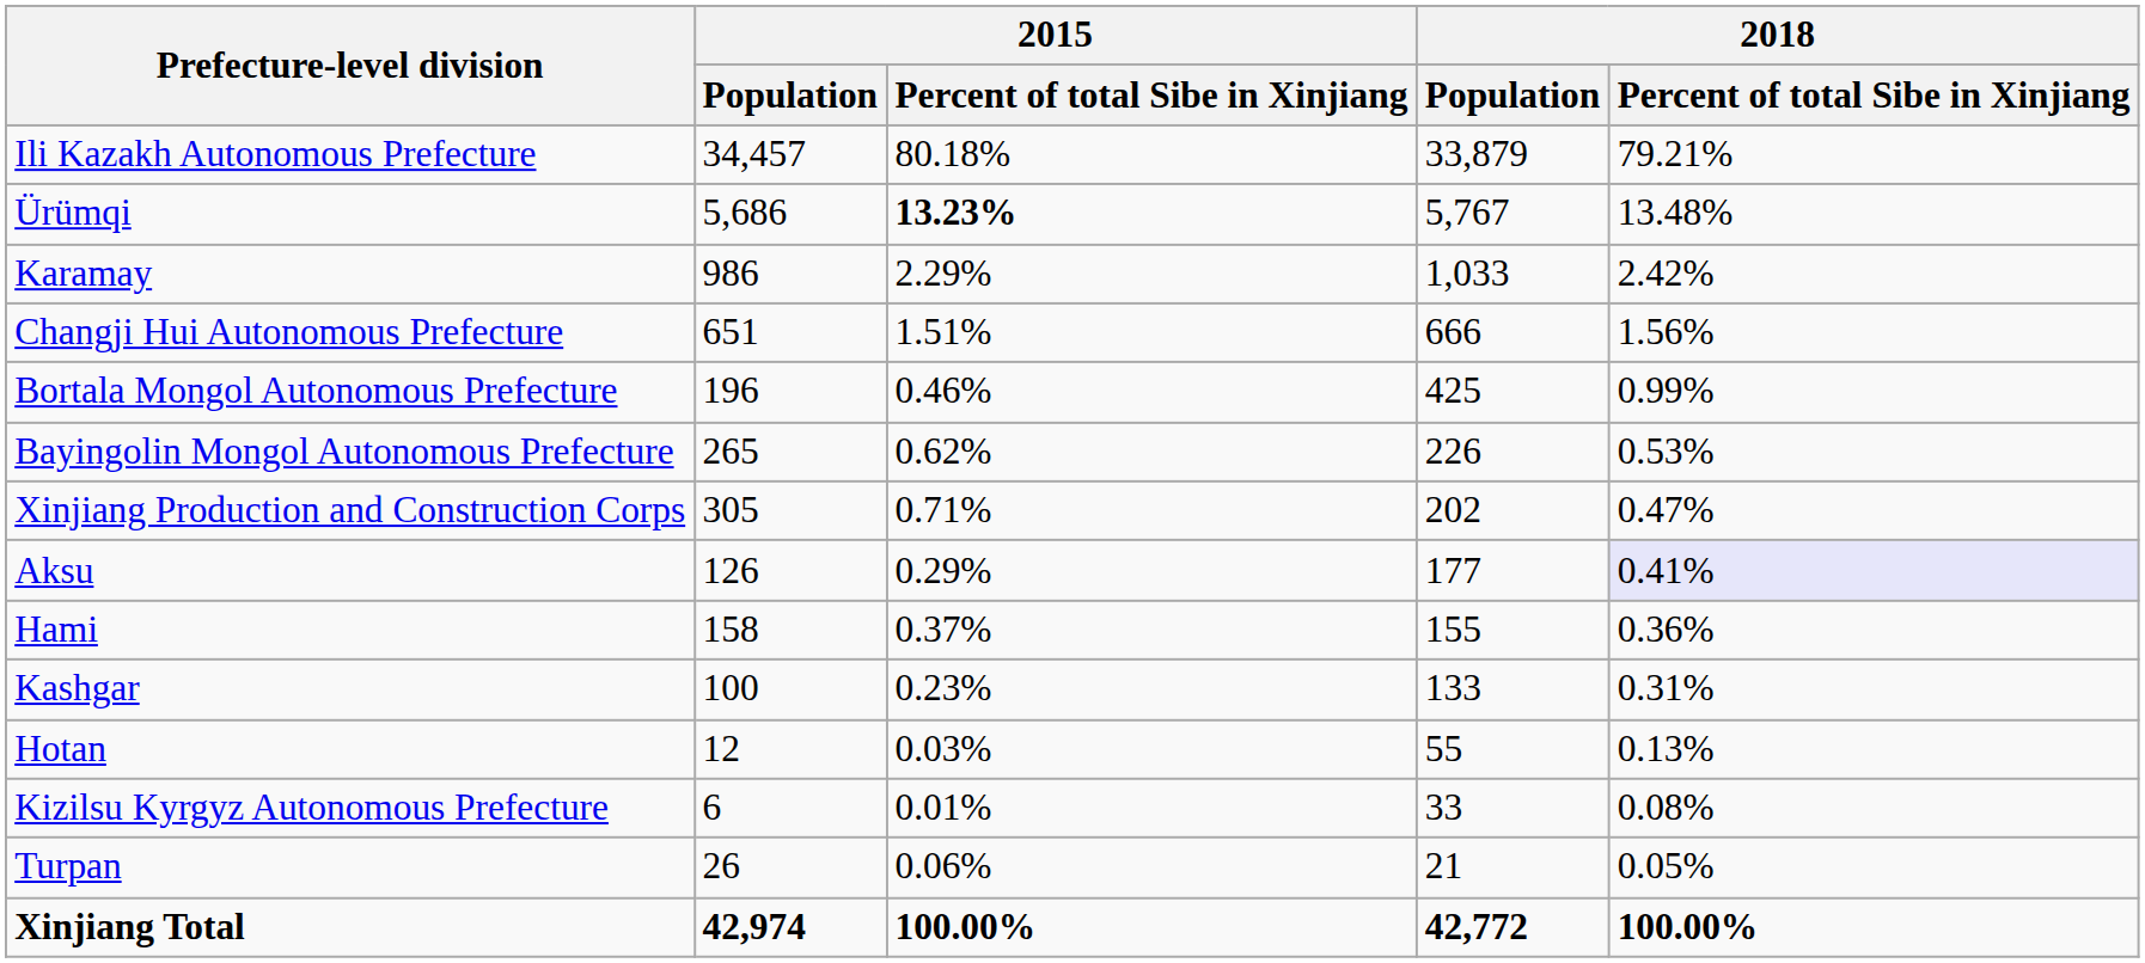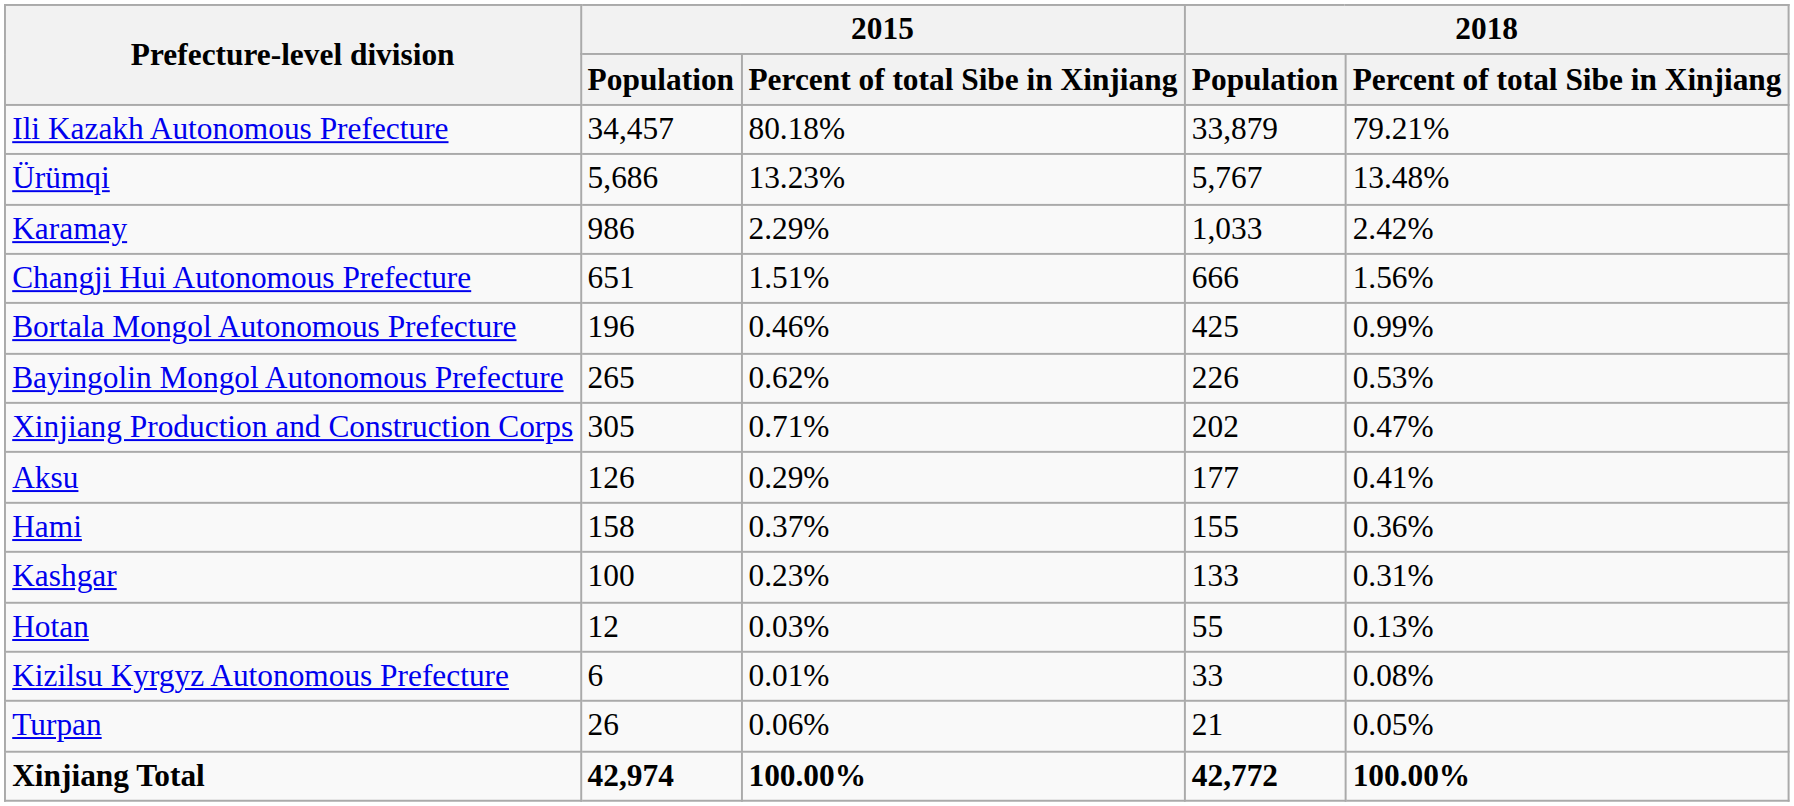 <table class="wikitable">
 <tr>
 <th rowspan="2">Prefecture-level division</th>
 <th colspan="2">2015</th>
 <th colspan="2">2018</th>
 </tr>
 <tr>
 <th>Population</th>
 <th>Percent of total Sibe in Xinjiang</th>
 <th>Population</th>
 <th>Percent of total Sibe in Xinjiang</th>
 </tr>
 <tr>
 <td><a href='#'>Ili Kazakh Autonomous Prefecture</a></td>
 <td>34,457</td>
 <td>80.18%</td>
 <td>33,879</td>
 <td>79.21%</td>
 </tr>
 <tr>
 <td><a href='#'>Ürümqi</a></td>
 <td>5,686</td>
-<td><strong>13.23%</strong></td>
+<td>13.23%</td>
 <td>5,767</td>
 <td>13.48%</td>
 </tr>
 <tr>
 <td><a href='#'>Karamay</a></td>
 <td>986</td>
 <td>2.29%</td>
 <td>1,033</td>
 <td>2.42%</td>
 </tr>
 <tr>
 <td><a href='#'>Changji Hui Autonomous Prefecture</a></td>
 <td>651</td>
 <td>1.51%</td>
 <td>666</td>
 <td>1.56%</td>
 </tr>
 <tr>
 <td><a href='#'>Bortala Mongol Autonomous Prefecture</a></td>
 <td>196</td>
 <td>0.46%</td>
 <td>425</td>
 <td>0.99%</td>
 </tr>
 <tr>
 <td><a href='#'>Bayingolin Mongol Autonomous Prefecture</a></td>
 <td>265</td>
 <td>0.62%</td>
 <td>226</td>
 <td>0.53%</td>
 </tr>
 <tr>
 <td><a href='#'>Xinjiang Production and Construction Corps</a></td>
 <td>305</td>
 <td>0.71%</td>
 <td>202</td>
 <td>0.47%</td>
 </tr>
 <tr>
 <td><a href='#'>Aksu</a></td>
 <td>126</td>
 <td>0.29%</td>
 <td>177</td>
-<td style="background: lavender;">0.41%</td>
+<td>0.41%</td>
 </tr>
 <tr>
 <td><a href='#'>Hami</a></td>
 <td>158</td>
 <td>0.37%</td>
 <td>155</td>
 <td>0.36%</td>
 </tr>
 <tr>
 <td><a href='#'>Kashgar</a></td>
 <td>100</td>
 <td>0.23%</td>
 <td>133</td>
 <td>0.31%</td>
 </tr>
 <tr>
 <td><a href='#'>Hotan</a></td>
 <td>12</td>
 <td>0.03%</td>
 <td>55</td>
 <td>0.13%</td>
 </tr>
 <tr>
 <td><a href='#'>Kizilsu Kyrgyz Autonomous Prefecture</a></td>
 <td>6</td>
 <td>0.01%</td>
 <td>33</td>
 <td>0.08%</td>
 </tr>
 <tr>
 <td><a href='#'>Turpan</a></td>
 <td>26</td>
 <td>0.06%</td>
 <td>21</td>
 <td>0.05%</td>
 </tr>
 <tr>
 <td><strong>Xinjiang Total</strong></td>
 <td><strong>42,974</strong></td>
 <td><strong>100.00%</strong></td>
 <td><strong>42,772</strong></td>
 <td><strong>100.00%</strong></td>
 </tr>
 </table>
